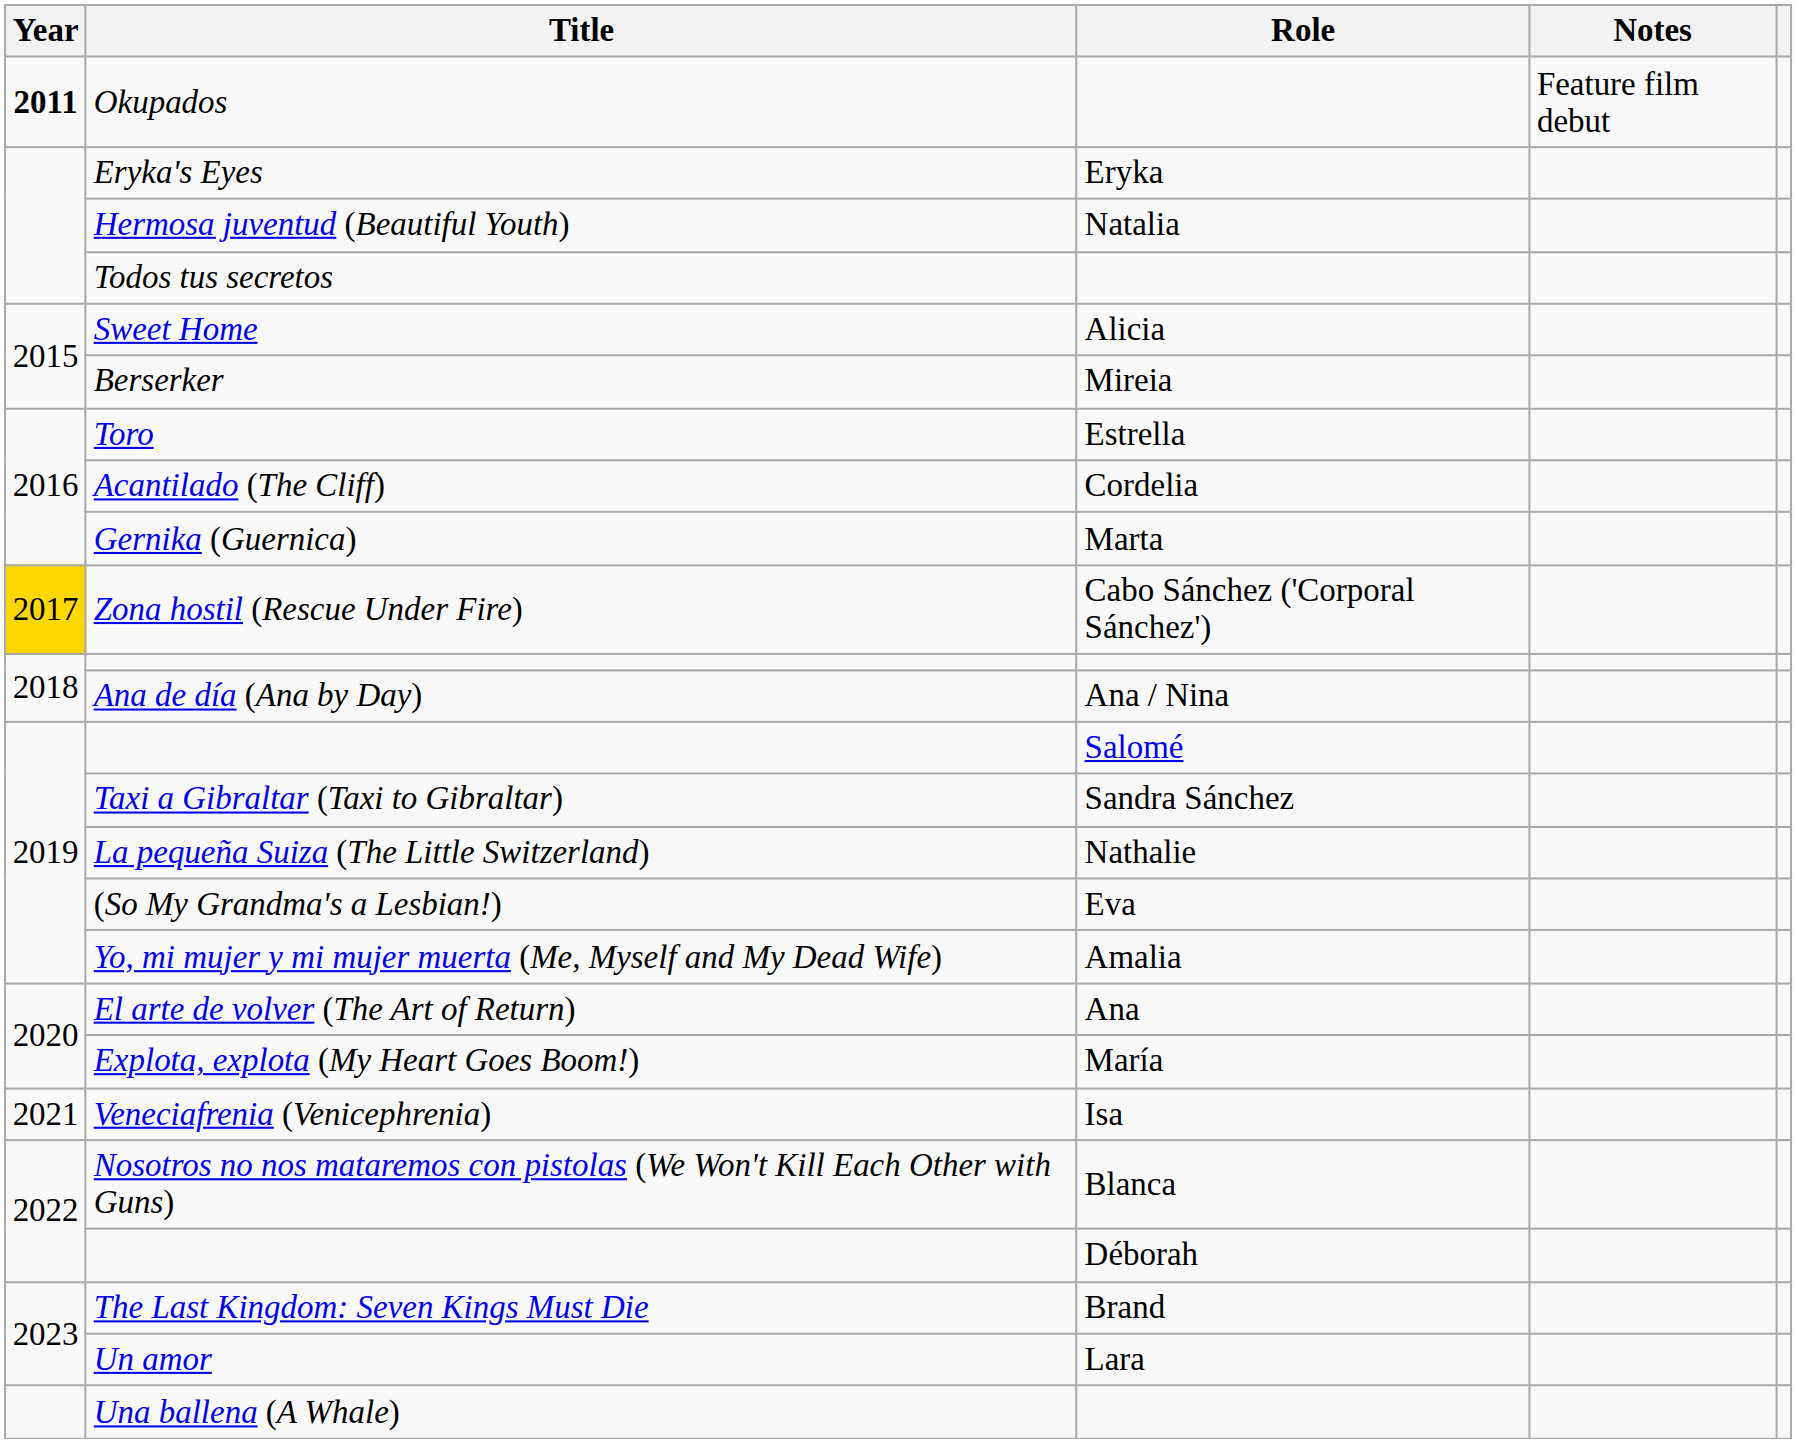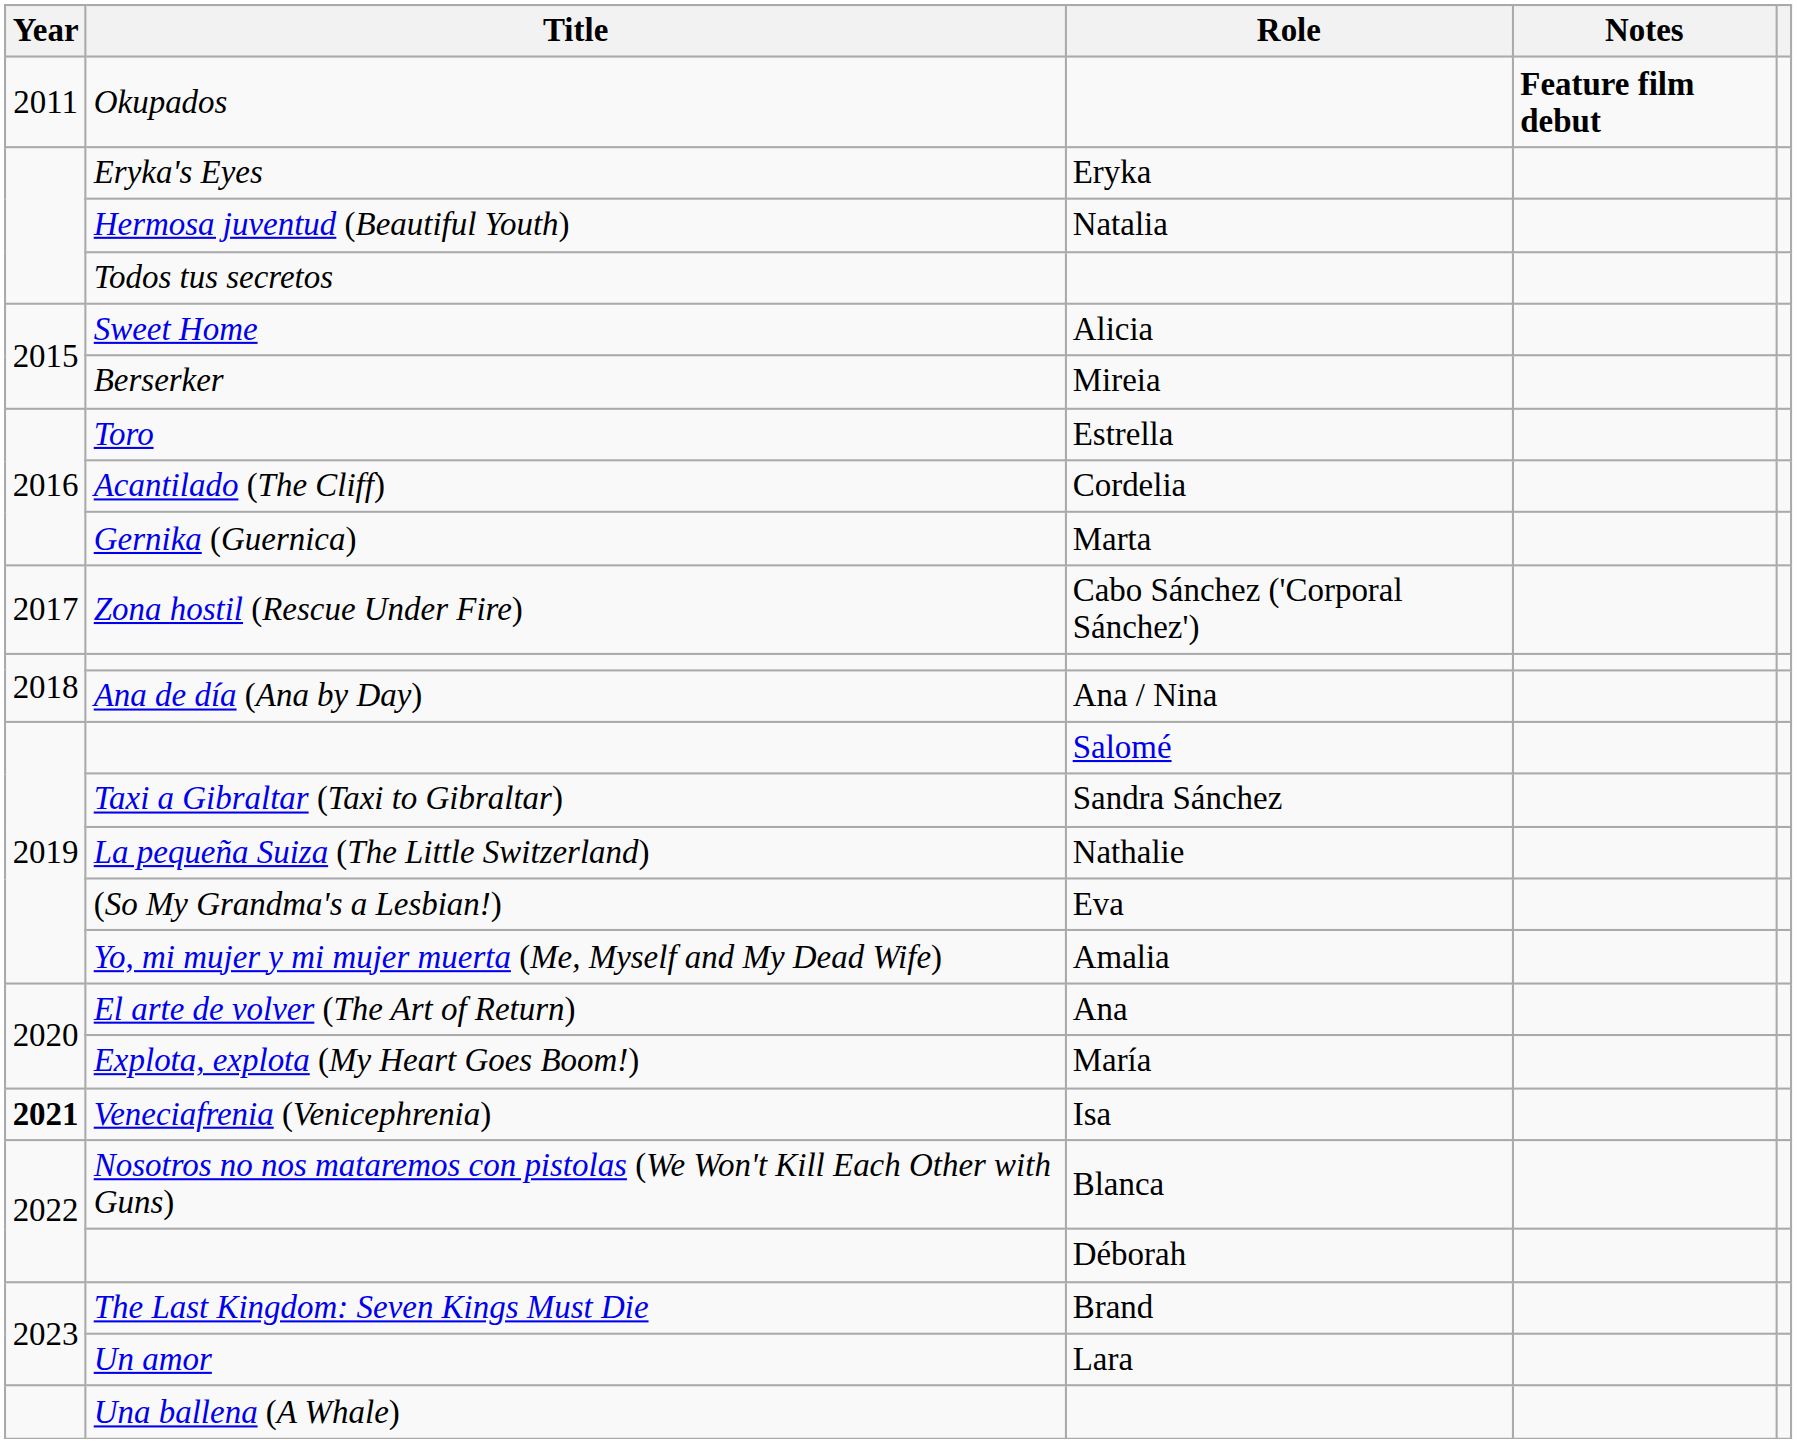 <table class="wikitable sortable">
 <tr>
 <th>Year</th>
 <th>Title</th>
 <th>Role</th>
 <th class = "unsortable">Notes</th>
 <th class = "unsortable"></th>
 </tr>
 <tr>
-<td align = "center"><strong>2011</strong></td>
+<td align = "center">2011</td>
 <td><em>Okupados</em></td>
 <td></td>
-<td>Feature film debut</td>
+<td><strong>Feature film debut</strong></td>
 <td align = "center"></td>
 </tr>
 <tr>
 <td rowspan = "3"></td>
 <td><em>Eryka's Eyes</em></td>
 <td>Eryka</td>
 <td></td>
 <td align = "center"></td>
 </tr>
 <tr>
 <td><em><a href='#'>Hermosa juventud</a></em> (<em>Beautiful Youth</em>)</td>
 <td>Natalia</td>
 <td></td>
 <td align = "center"></td>
 </tr>
 <tr>
 <td><em>Todos tus secretos</em></td>
 <td></td>
 <td></td>
 <td align = "center"></td>
 </tr>
 <tr>
 <td rowspan = "2" align = "center">2015</td>
 <td><em><a href='#'>Sweet Home</a></em></td>
 <td>Alicia</td>
 <td></td>
 <td align = "center"></td>
 </tr>
 <tr>
 <td><em>Berserker</em></td>
 <td>Mireia</td>
 <td></td>
 <td align = "center"></td>
 </tr>
 <tr>
 <td rowspan = "3" align = "center">2016</td>
 <td><em><a href='#'>Toro</a></em></td>
 <td>Estrella</td>
 <td></td>
 <td align = "center"></td>
 </tr>
 <tr>
 <td><em><a href='#'>Acantilado</a></em> (<em>The Cliff</em>)</td>
 <td>Cordelia</td>
 <td></td>
 <td align = "center"></td>
 </tr>
 <tr>
 <td><em><a href='#'>Gernika</a></em> (<em>Guernica</em>)</td>
 <td>Marta</td>
 <td></td>
 <td align = "center"></td>
 </tr>
 <tr>
-<td align = "center" style="background: gold;">2017</td>
+<td align = "center">2017</td>
 <td><em><a href='#'>Zona hostil</a></em> (<em>Rescue Under Fire</em>)</td>
 <td>Cabo Sánchez ('Corporal Sánchez')</td>
 <td></td>
 <td align = "center"></td>
 </tr>
 <tr>
 <td rowspan = "2" align = "center">2018</td>
 <td><em></em></td>
 <td></td>
 <td></td>
 <td align = "center"></td>
 </tr>
 <tr>
 <td><em><a href='#'>Ana de día</a></em> (<em>Ana by Day</em>)</td>
 <td>Ana / Nina</td>
 <td></td>
 <td align = "center"></td>
 </tr>
 <tr>
 <td rowspan = "5" align = "center">2019</td>
 <td><em></em></td>
 <td><a href='#'>Salomé</a></td>
 <td></td>
 <td align = "center"></td>
 </tr>
 <tr>
 <td><em><a href='#'>Taxi a Gibraltar</a></em> (<em>Taxi to Gibraltar</em>)</td>
 <td>Sandra Sánchez</td>
 <td></td>
 <td align = "center"></td>
 </tr>
 <tr>
 <td><em><a href='#'>La pequeña Suiza</a></em> (<em>The Little Switzerland</em>)</td>
 <td>Nathalie</td>
 <td></td>
 <td align = "center"></td>
 </tr>
 <tr>
 <td><em></em> (<em>So My Grandma's a Lesbian!</em>)</td>
 <td>Eva</td>
 <td></td>
 <td align = "center"></td>
 </tr>
 <tr>
 <td><em><a href='#'>Yo, mi mujer y mi mujer muerta</a></em> (<em>Me, Myself and My Dead Wife</em>)</td>
 <td>Amalia</td>
 <td></td>
 <td align = "center"></td>
 </tr>
 <tr>
 <td rowspan = "2" align = "center">2020</td>
 <td><em><a href='#'>El arte de volver</a></em> (<em>The Art of Return</em>)</td>
 <td>Ana</td>
 <td></td>
 <td align = "center"></td>
 </tr>
 <tr>
 <td><em><a href='#'>Explota, explota</a></em> (<em>My Heart Goes Boom!</em>)</td>
 <td>María</td>
 <td></td>
 <td align = "center"></td>
 </tr>
 <tr>
-<td align = "center">2021</td>
+<td align = "center"><strong>2021</strong></td>
 <td><em><a href='#'>Veneciafrenia</a></em> (<em>Venicephrenia</em>)</td>
 <td>Isa</td>
 <td></td>
 <td align = "center"></td>
 </tr>
 <tr>
 <td rowspan = "2" align = "center">2022</td>
 <td><em><a href='#'>Nosotros no nos mataremos con pistolas</a></em> (<em>We Won't Kill Each Other with Guns</em>)</td>
 <td>Blanca</td>
 <td></td>
 <td align = "center"></td>
 </tr>
 <tr>
 <td><em></em></td>
 <td>Déborah</td>
 <td></td>
 <td align = "center"></td>
 </tr>
 <tr>
 <td rowspan = "2" align = "center">2023</td>
 <td><em><a href='#'>The Last Kingdom: Seven Kings Must Die</a></em></td>
 <td>Brand</td>
 <td></td>
 <td align = "center"></td>
 </tr>
 <tr>
 <td><em><a href='#'>Un amor</a></em></td>
 <td>Lara</td>
 <td></td>
 <td></td>
 </tr>
 <tr>
 <td></td>
 <td><em><a href='#'>Una ballena</a></em> (<em>A Whale</em>)</td>
 <td></td>
 <td></td>
 <td align = "center"></td>
 </tr>
 </table>
